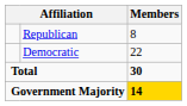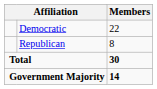 <table class="wikitable">
 <tr>
 <th colspan="2">Affiliation</th>
 <th>Members</th>
 </tr>
 <tr>
 <td style="background-color:"> </td>
-<td><a href='#'>Republican</a></td>
-<td>8</td>
+<td><a href='#'>Democratic</a></td>
+<td>22</td>
 </tr>
 <tr>
 <td style="background-color:"> </td>
-<td><a href='#'>Democratic</a></td>
-<td>22</td>
+<td><a href='#'>Republican</a></td>
+<td>8</td>
 </tr>
 <tr>
 <td colspan="2" rowspan="1"> <strong>Total</strong></td>
 <td><strong>30</strong></td>
 </tr>
 <tr>
 <td colspan="2" rowspan="1"> <strong>Government Majority</strong></td>
-<td style="background: gold;"><strong>14</strong></td>
+<td><strong>14</strong></td>
 </tr>
 </table>
